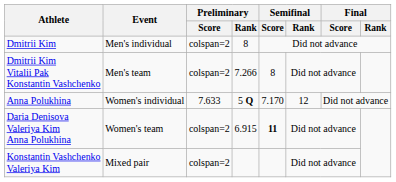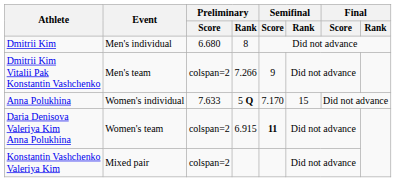 <table class="wikitable" style="text-align:center; font-size:90%">
 <tr>
 <th rowspan=2>Athlete</th>
 <th rowspan=2>Event</th>
 <th colspan=2>Preliminary</th>
 <th colspan=2>Semifinal</th>
 <th colspan=2>Final</th>
 </tr>
 <tr style="font-size:95%">
 <th>Score</th>
 <th>Rank</th>
 <th>Score</th>
 <th>Rank</th>
 <th>Score</th>
 <th>Rank</th>
 </tr>
 <tr>
 <td align=left><a href='#'>Dmitrii Kim</a></td>
 <td align=left>Men's individual</td>
-<td>colspan=2 </td>
+<td>6.680</td>
 <td>8</td>
 <td colspan=4>Did not advance</td>
 </tr>
 <tr>
 <td align=left><a href='#'>Dmitrii Kim</a><br><a href='#'>Vitalii Pak</a><br><a href='#'>Konstantin Vashchenko</a></td>
 <td align=left>Men's team</td>
 <td>colspan=2 </td>
 <td>7.266</td>
-<td>8</td>
+<td>9</td>
 <td colspan=2>Did not advance</td>
 </tr>
 <tr>
 <td align=left><a href='#'>Anna Polukhina</a></td>
 <td align=left>Women's individual</td>
 <td>7.633</td>
 <td>5 <strong>Q</strong></td>
 <td>7.170</td>
-<td>12</td>
+<td>15</td>
 <td colspan=2>Did not advance</td>
 </tr>
 <tr>
 <td align=left><a href='#'>Daria Denisova</a><br><a href='#'>Valeriya Kim</a><br><a href='#'>Anna Polukhina</a></td>
 <td align=left>Women's team</td>
 <td>colspan=2 </td>
 <td>6.915</td>
 <td><strong>11</strong></td>
 <td colspan=2>Did not advance</td>
 </tr>
 <tr>
 <td align=left><a href='#'>Konstantin Vashchenko</a><br><a href='#'>Valeriya Kim</a></td>
 <td align=left>Mixed pair</td>
 <td>colspan=2 </td>
 <td></td>
 <td></td>
 <td colspan=2>Did not advance</td>
 </tr>
 </table>
